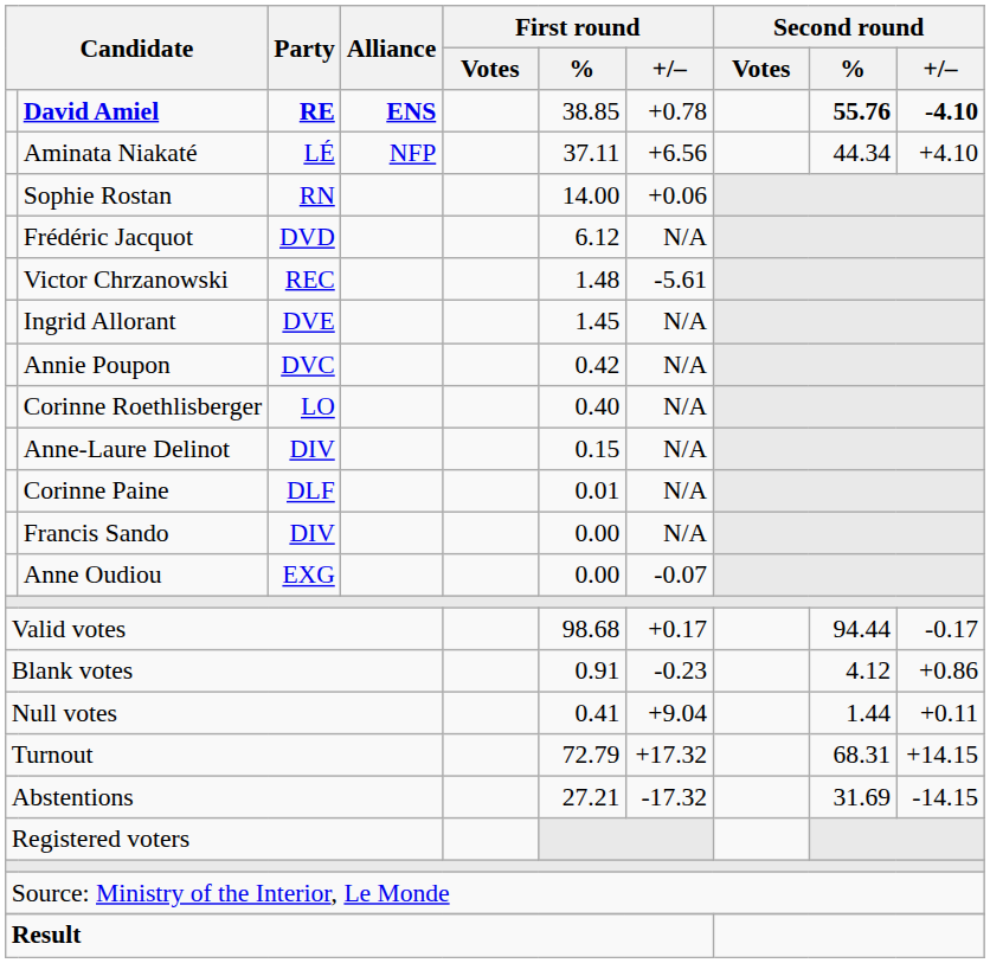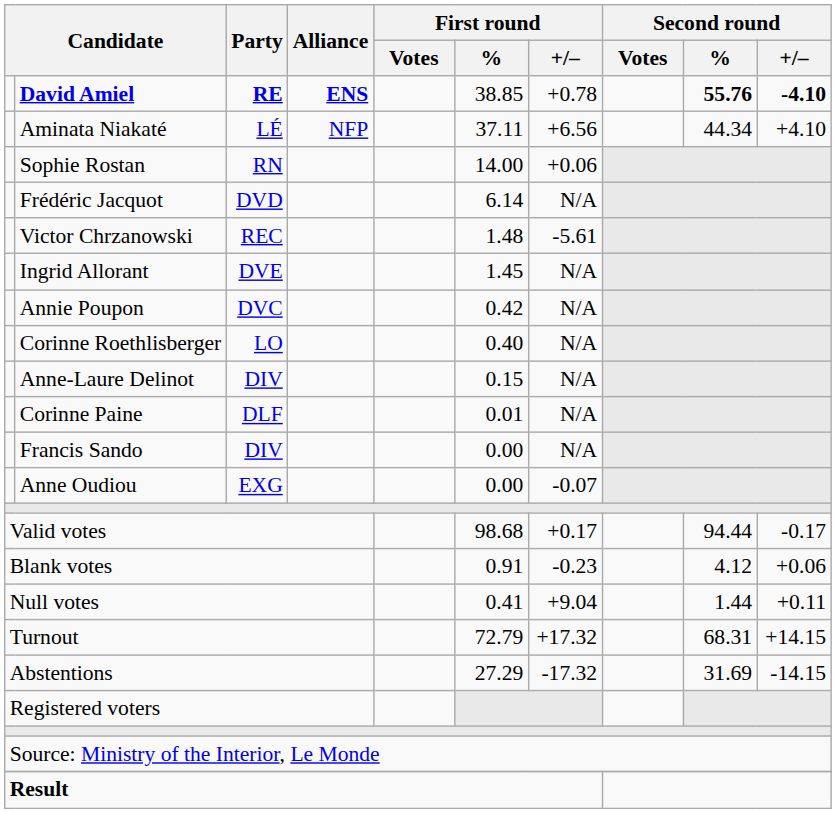 <table class="wikitable" style="text-align:right;font-size:95%;">
 <tr>
 <th rowspan="2" colspan="2">Candidate</th>
 <th rowspan="2">Party</th>
 <th rowspan="2">Alliance</th>
 <th colspan="3">First round</th>
 <th colspan="3">Second round</th>
 </tr>
 <tr>
 <th style="width:50px;">Votes</th>
 <th style="width:45px;">%</th>
 <th style="width:45px;">+/–</th>
 <th style="width:50px;">Votes</th>
 <th style="width:45px;">%</th>
 <th style="width:45px;">+/–</th>
 </tr>
 <tr>
 <td style="color:inherit;background:"></td>
 <td style="text-align:left;"><strong><a href='#'>David Amiel</a></strong></td>
 <td><a href='#'><strong>RE</strong></a></td>
 <td><a href='#'><strong>ENS</strong></a></td>
 <td></td>
 <td>38.85</td>
 <td>+0.78</td>
 <td><strong></strong></td>
 <td><strong>55.76</strong></td>
 <td><strong>-4.10</strong></td>
 </tr>
 <tr>
 <td style="color:inherit;background:"></td>
 <td style="text-align:left;">Aminata Niakaté</td>
 <td><a href='#'>LÉ</a></td>
 <td><a href='#'>NFP</a></td>
 <td></td>
 <td>37.11</td>
 <td>+6.56</td>
 <td></td>
 <td>44.34</td>
 <td>+4.10</td>
 </tr>
 <tr>
 <td style="color:inherit;background:"></td>
 <td style="text-align:left;">Sophie Rostan</td>
 <td><a href='#'>RN</a></td>
 <td></td>
 <td></td>
 <td>14.00</td>
 <td>+0.06</td>
 <td colspan="3" style="background:#E9E9E9;"></td>
 </tr>
 <tr>
 <td style="color:inherit;background:"></td>
 <td style="text-align:left;">Frédéric Jacquot</td>
 <td><a href='#'>DVD</a></td>
 <td></td>
 <td></td>
-<td>6.12</td>
+<td>6.14</td>
 <td>N/A</td>
 <td colspan="3" style="background:#E9E9E9;"></td>
 </tr>
 <tr>
 <td style="color:inherit;background:"></td>
 <td style="text-align:left;">Victor Chrzanowski</td>
 <td><a href='#'>REC</a></td>
 <td></td>
 <td></td>
 <td>1.48</td>
 <td>-5.61</td>
 <td colspan="3" style="background:#E9E9E9;"></td>
 </tr>
 <tr>
 <td style="color:inherit;background:"></td>
 <td style="text-align:left;">Ingrid Allorant</td>
 <td><a href='#'>DVE</a></td>
 <td></td>
 <td></td>
 <td>1.45</td>
 <td>N/A</td>
 <td colspan="3" style="background:#E9E9E9;"></td>
 </tr>
 <tr>
 <td style="color:inherit;background:"></td>
 <td style="text-align:left;">Annie Poupon</td>
 <td><a href='#'>DVC</a></td>
 <td></td>
 <td></td>
 <td>0.42</td>
 <td>N/A</td>
 <td colspan="3" style="background:#E9E9E9;"></td>
 </tr>
 <tr>
 <td style="color:inherit;background:"></td>
 <td style="text-align:left;">Corinne Roethlisberger</td>
 <td><a href='#'>LO</a></td>
 <td></td>
 <td></td>
 <td>0.40</td>
 <td>N/A</td>
 <td colspan="3" style="background:#E9E9E9;"></td>
 </tr>
 <tr>
 <td style="color:inherit;background:"></td>
 <td style="text-align:left;">Anne-Laure Delinot</td>
 <td><a href='#'>DIV</a></td>
 <td></td>
 <td></td>
 <td>0.15</td>
 <td>N/A</td>
 <td colspan="3" style="background:#E9E9E9;"></td>
 </tr>
 <tr>
 <td style="color:inherit;background:"></td>
 <td style="text-align:left;">Corinne Paine</td>
 <td><a href='#'>DLF</a></td>
 <td></td>
 <td></td>
 <td>0.01</td>
 <td>N/A</td>
 <td colspan="3" style="background:#E9E9E9;"></td>
 </tr>
 <tr>
 <td style="color:inherit;background:"></td>
 <td style="text-align:left;">Francis Sando</td>
 <td><a href='#'>DIV</a></td>
 <td></td>
 <td></td>
 <td>0.00</td>
 <td>N/A</td>
 <td colspan="3" style="background:#E9E9E9;"></td>
 </tr>
 <tr>
 <td style="color:inherit;background:"></td>
 <td style="text-align:left;">Anne Oudiou</td>
 <td><a href='#'>EXG</a></td>
 <td></td>
 <td></td>
 <td>0.00</td>
 <td>-0.07</td>
 <td colspan="3" style="background:#E9E9E9;"></td>
 </tr>
 <tr>
 <td colspan="10" style="background:#E9E9E9;"></td>
 </tr>
 <tr>
 <td colspan="4" style="text-align:left;">Valid votes</td>
 <td></td>
 <td>98.68</td>
 <td>+0.17</td>
 <td></td>
 <td>94.44</td>
 <td>-0.17</td>
 </tr>
 <tr>
 <td colspan="4" style="text-align:left;">Blank votes</td>
 <td></td>
 <td>0.91</td>
 <td>-0.23</td>
 <td></td>
 <td>4.12</td>
-<td>+0.86</td>
+<td>+0.06</td>
 </tr>
 <tr>
 <td colspan="4" style="text-align:left;">Null votes</td>
 <td></td>
 <td>0.41</td>
 <td>+9.04</td>
 <td></td>
 <td>1.44</td>
 <td>+0.11</td>
 </tr>
 <tr>
 <td colspan="4" style="text-align:left;">Turnout</td>
 <td></td>
 <td>72.79</td>
 <td>+17.32</td>
 <td></td>
 <td>68.31</td>
 <td>+14.15</td>
 </tr>
 <tr>
 <td colspan="4" style="text-align:left;">Abstentions</td>
 <td></td>
-<td>27.21</td>
+<td>27.29</td>
 <td>-17.32</td>
 <td></td>
 <td>31.69</td>
 <td>-14.15</td>
 </tr>
 <tr>
 <td colspan="4" style="text-align:left;">Registered voters</td>
 <td></td>
 <td colspan="2" style="background:#E9E9E9;"></td>
 <td></td>
 <td colspan="2" style="background:#E9E9E9;"></td>
 </tr>
 <tr>
 <td colspan="10" style="background:#E9E9E9;"></td>
 </tr>
 <tr>
 <td colspan="10" style="text-align:left;">Source: <a href='#'>Ministry of the Interior</a>, <a href='#'>Le Monde</a></td>
 </tr>
 <tr>
 </tr>
 <tr style="font-weight:bold">
 <td colspan="7" style="text-align:left;">Result</td>
 <td colspan="7" style="background-color:"></td>
 </tr>
 </table>
